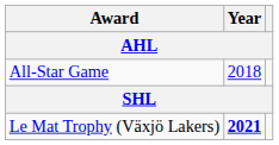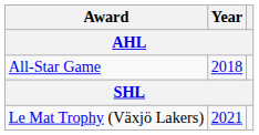 <table class="wikitable">
 <tr>
 <th>Award</th>
 <th>Year</th>
 <th></th>
 </tr>
 <tr>
 <th colspan="3"><a href='#'>AHL</a></th>
 </tr>
 <tr>
 <td><a href='#'>All-Star Game</a></td>
 <td><a href='#'>2018</a></td>
 <td></td>
 </tr>
 <tr ALIGN="center" bgcolor="#e0e0e0">
 <th colspan="3"><a href='#'>SHL</a></th>
 </tr>
 <tr>
 <td><a href='#'>Le Mat Trophy</a> (Växjö Lakers)</td>
-<td><strong><a href='#'>2021</a></strong></td>
+<td><a href='#'>2021</a></td>
 <td></td>
 </tr>
 </table>
